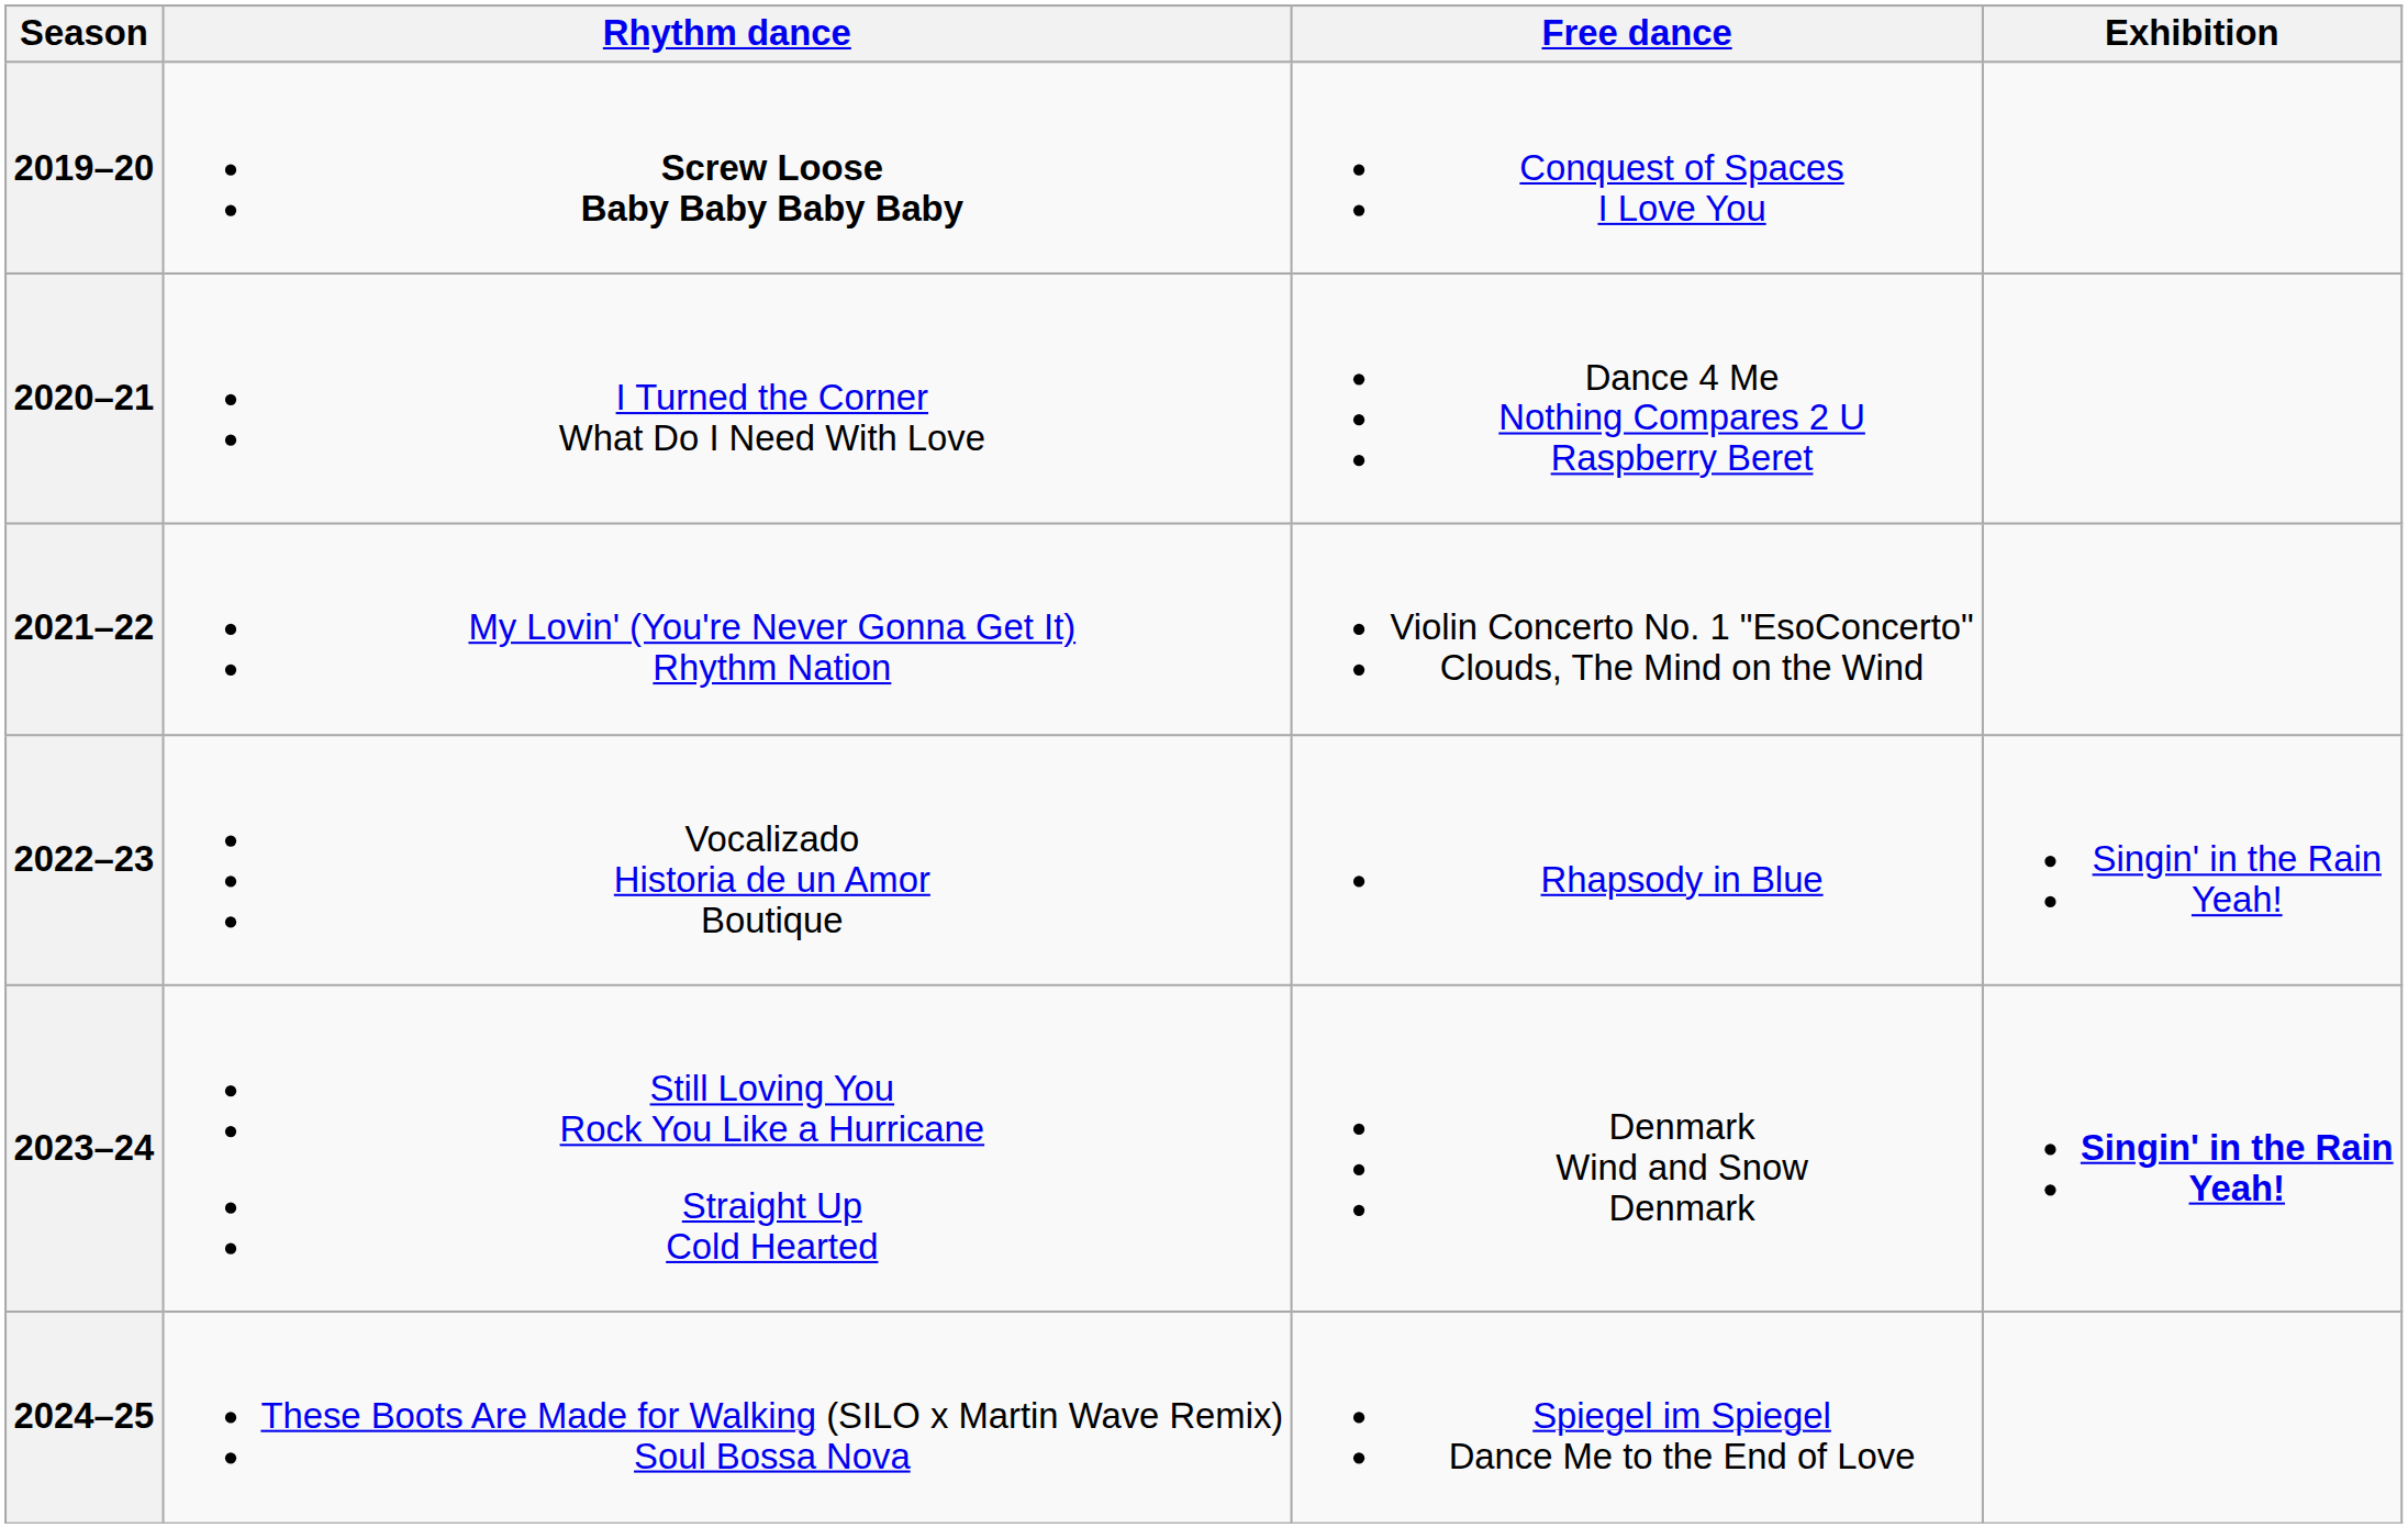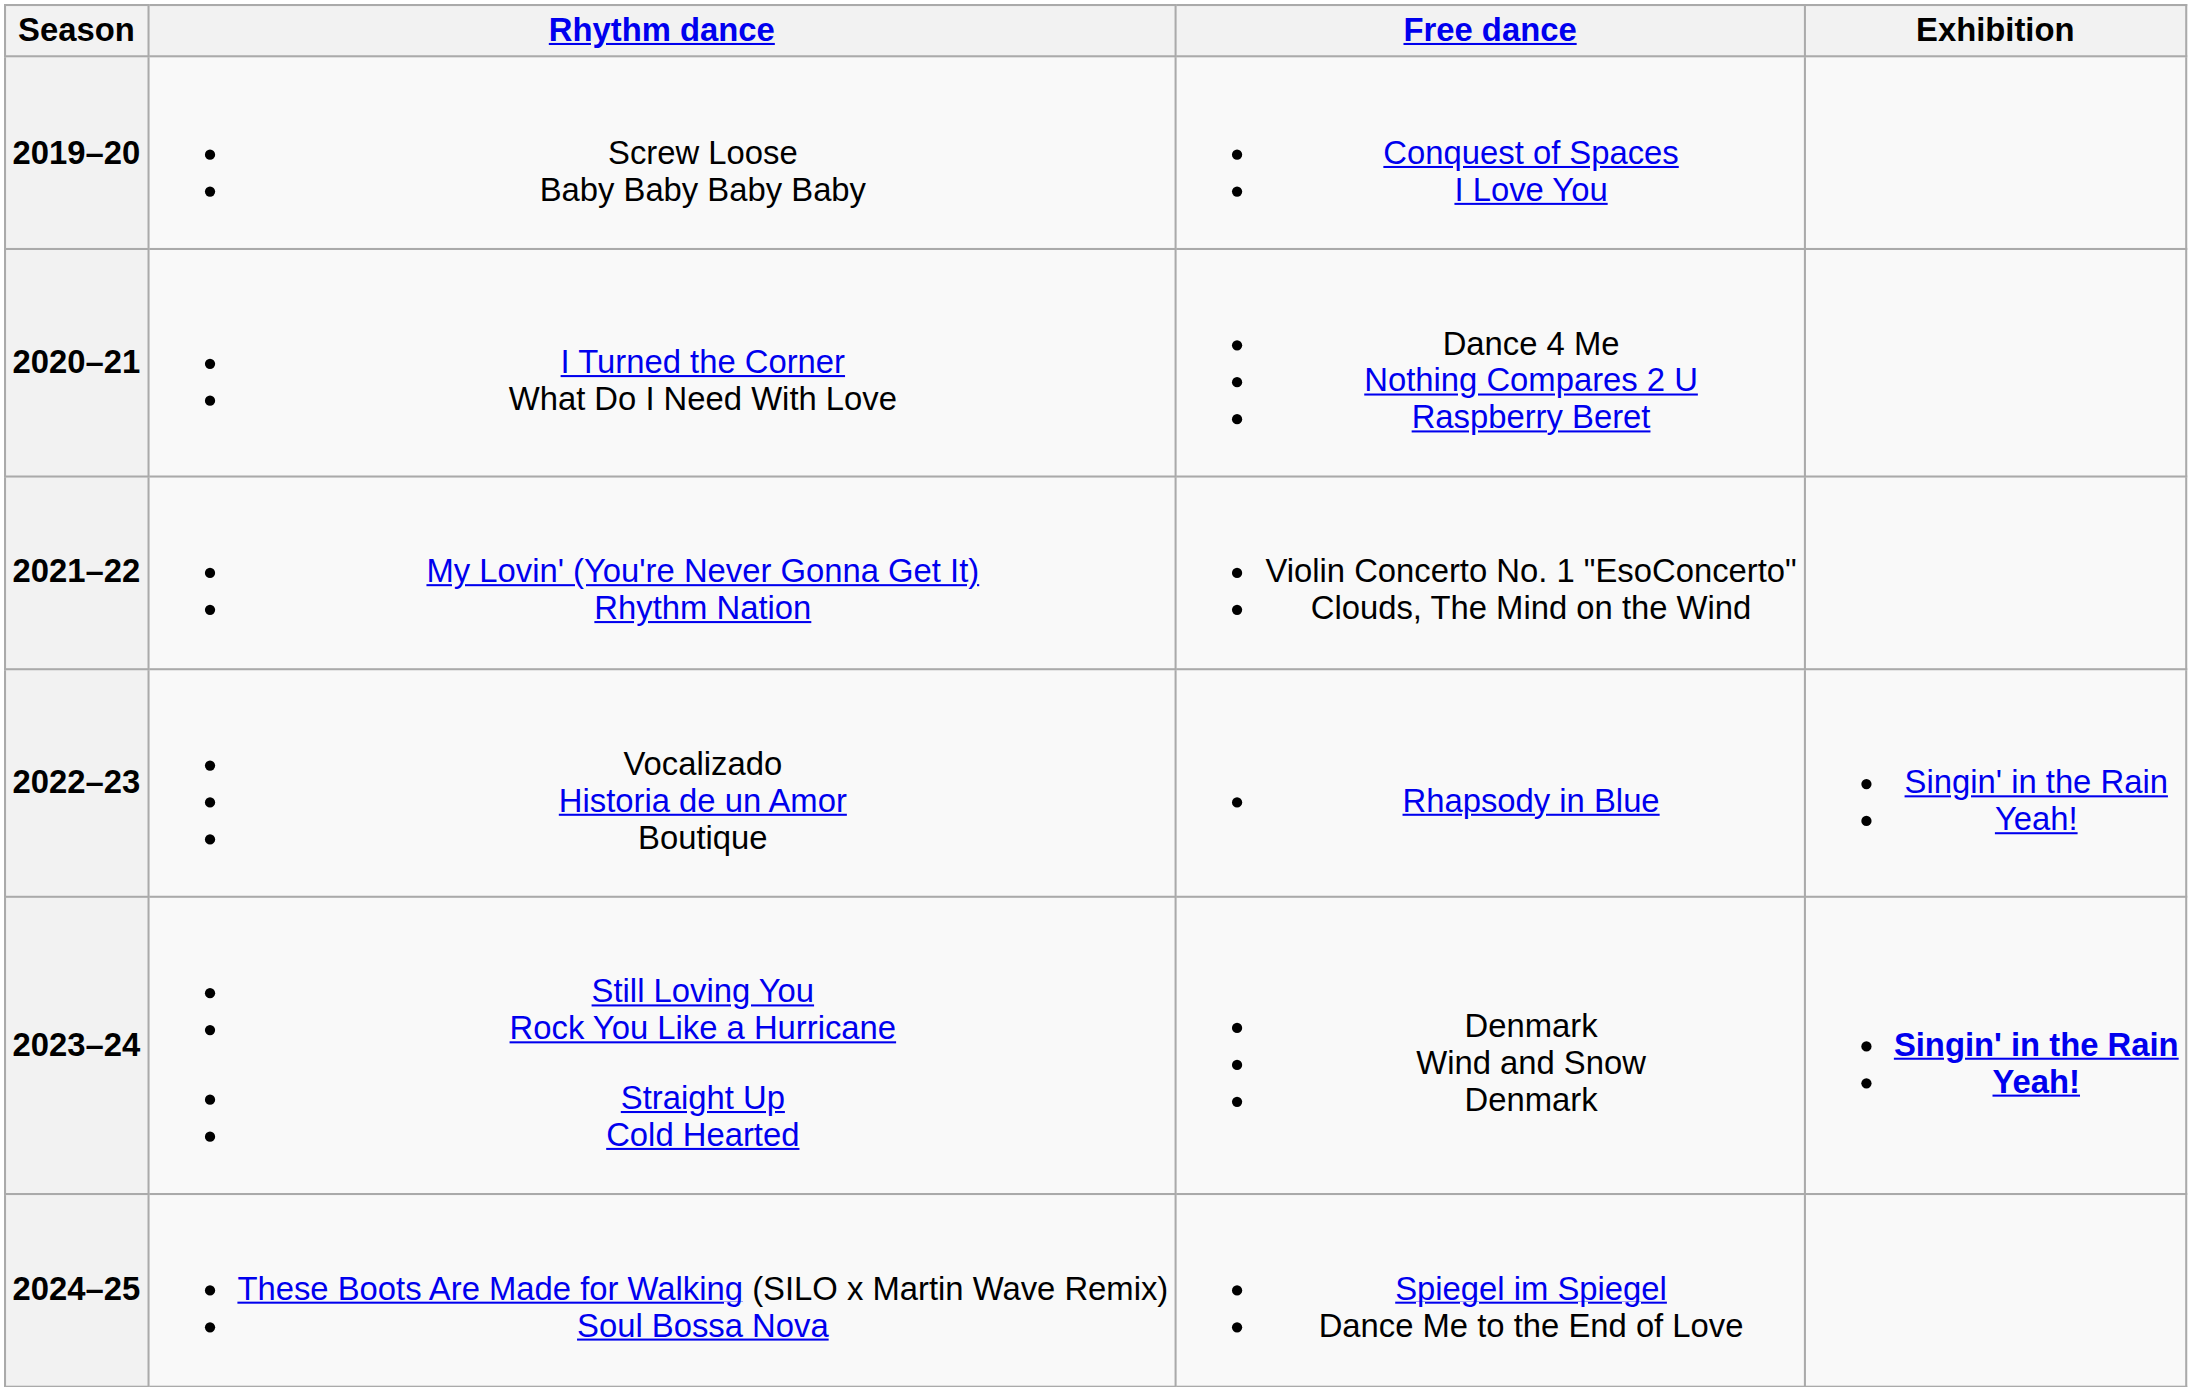 <table class=wikitable style=text-align:center>
 <tr>
 <th>Season</th>
 <th><a href='#'>Rhythm dance</a></th>
 <th><a href='#'>Free dance</a></th>
 <th>Exhibition</th>
 </tr>
 <tr>
 <th>2019–20 <br> </th>
-<td><strong><br><ul><li> Screw Loose <br> </li><li> Baby Baby Baby Baby <br> </li></ul></strong></td>
+<td><br><ul><li> Screw Loose <br> </li><li> Baby Baby Baby Baby <br> </li></ul></td>
 <td><br><ul><li><a href='#'>Conquest of Spaces</a></li><li><a href='#'>I Love You</a> <br> </li></ul></td>
 <td></td>
 </tr>
 <tr>
 <th>2020–21 <br> </th>
 <td><br><ul><li> <a href='#'>I Turned the Corner</a> <br> </li><li> What Do I Need With Love <br> </li></ul></td>
 <td><br><ul><li>Dance 4 Me</li><li><a href='#'>Nothing Compares 2 U</a></li><li><a href='#'>Raspberry Beret</a> <br> </li></ul></td>
 <td></td>
 </tr>
 <tr>
 <th>2021–22 <br> </th>
 <td><br><ul><li><a href='#'>My Lovin' (You're Never Gonna Get It)</a> <br> </li><li><a href='#'>Rhythm Nation</a> <br> </li></ul></td>
 <td><br><ul><li>Violin Concerto No. 1 "EsoConcerto"</li><li>Clouds, The Mind on the Wind <br> </li></ul></td>
 <td></td>
 </tr>
 <tr>
 <th>2022–23 <br> </th>
 <td><br><ul><li> Vocalizado <br> </li><li> <a href='#'>Historia de un Amor</a> <br> </li><li> Boutique <br> </li></ul></td>
 <td><br><ul><li><a href='#'>Rhapsody in Blue</a> <br> </li></ul></td>
 <td><br><ul><li><a href='#'>Singin' in the Rain</a> <br></li><li><a href='#'>Yeah!</a> <br></li></ul></td>
 </tr>
 <tr>
 <th>2023–24 <br> </th>
 <td><br><ul><li><a href='#'>Still Loving You</a></li><li><a href='#'>Rock You Like a Hurricane</a> <br> </li></ul><ul><li><a href='#'>Straight Up</a> <br> </li><li><a href='#'>Cold Hearted</a> <br> </li></ul></td>
 <td><br><ul><li>Denmark <br> </li><li>Wind and Snow <br></li><li>Denmark <br> </li></ul></td>
 <td><strong><br><ul><li><a href='#'>Singin' in the Rain</a> <br></li><li><a href='#'>Yeah!</a> <br></li></ul></strong></td>
 </tr>
 <tr>
 <th>2024–25 <br> </th>
 <td><br><ul><li><a href='#'>These Boots Are Made for Walking</a> (SILO x Martin Wave Remix) <br> </li><li><a href='#'>Soul Bossa Nova</a> <br> </li></ul></td>
 <td><br><ul><li><a href='#'>Spiegel im Spiegel</a> <br> </li><li>Dance Me to the End of Love <br> </li></ul></td>
 </tr>
 </table>
